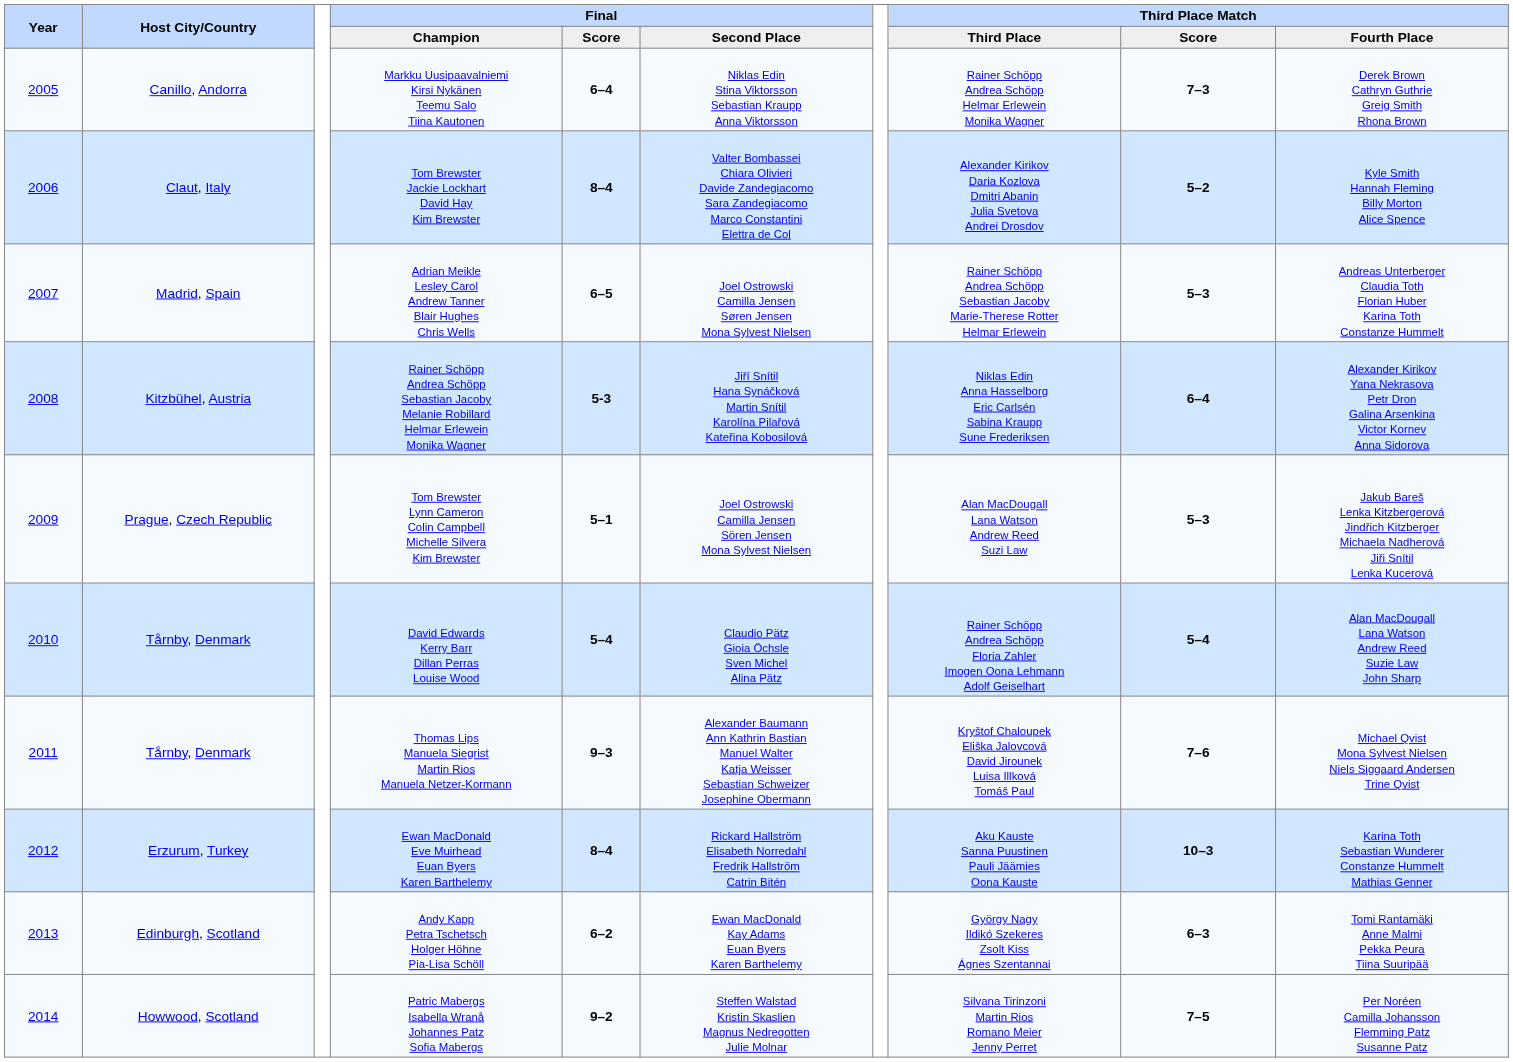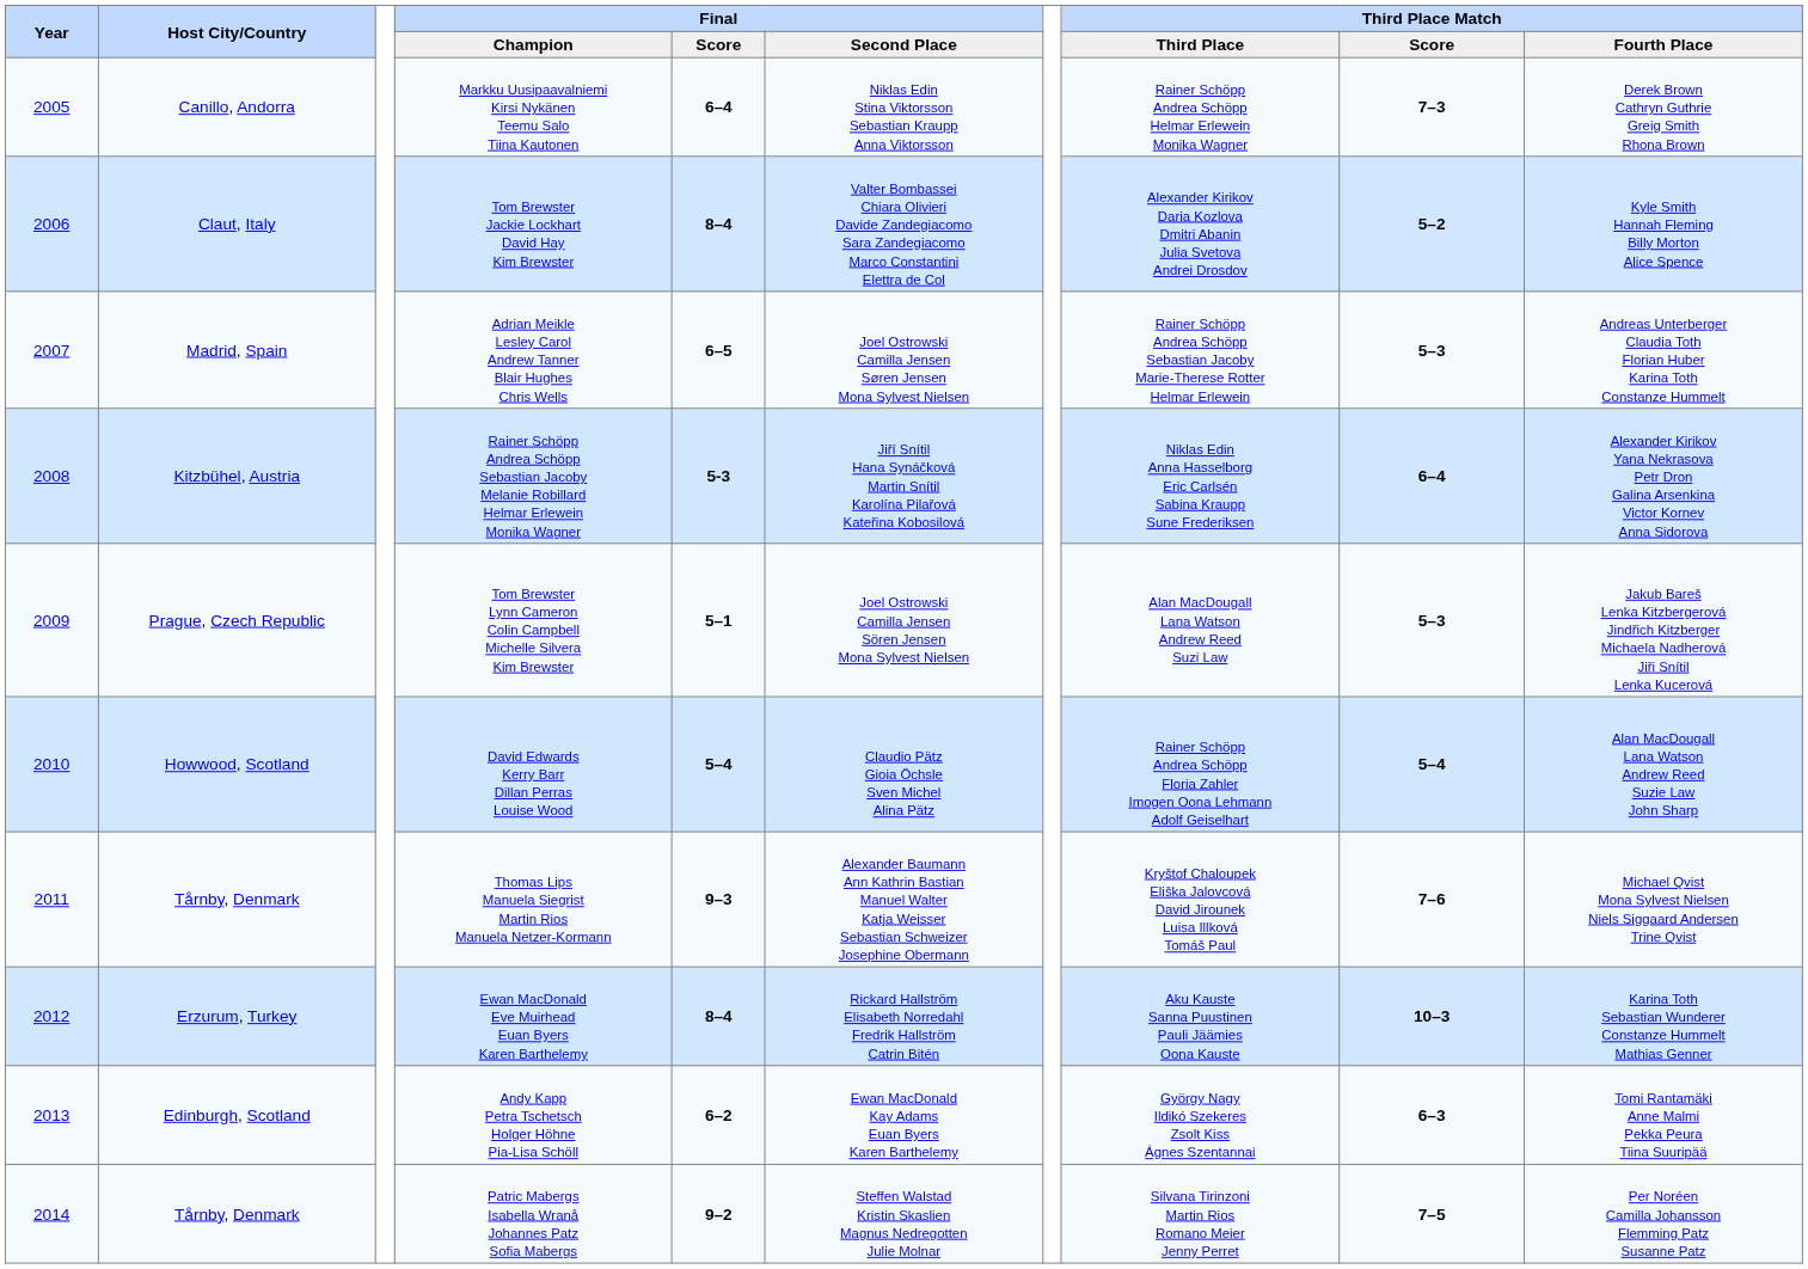 <table border=1 style="border-collapse:collapse; font-size:90%;" cellpadding=3 cellspacing=0 width=100%>
 <tr bgcolor=#C1D8FF>
 <th rowspan=2 width=5%>Year</th>
 <th rowspan=2 width=15%>Host City/Country</th>
 <th width=1% rowspan=12 bgcolor=ffffff></th>
 <th colspan=3>Final</th>
 <th width=1% rowspan=12 bgcolor=ffffff></th>
 <th colspan=3>Third Place Match</th>
 </tr>
 <tr bgcolor=#EFEFEF>
 <th width=15%>Champion</th>
 <th width=5%>Score</th>
 <th width=15%>Second Place</th>
 <th width=15%>Third Place</th>
 <th width=10%>Score</th>
 <th width=15%>Fourth Place</th>
 </tr>
 <tr align=center bgcolor=#F5FAFF>
 <td><a href='#'>2005</a></td>
 <td><a href='#'>Canillo</a>, <a href='#'>Andorra</a></td>
 <td><br><small><a href='#'>Markku Uusipaavalniemi</a><br><a href='#'>Kirsi Nykänen</a><br><a href='#'>Teemu Salo</a><br><a href='#'>Tiina Kautonen</a></small></td>
 <td><strong>6–4</strong></td>
 <td><br><small><a href='#'>Niklas Edin</a><br><a href='#'>Stina Viktorsson</a><br><a href='#'>Sebastian Kraupp</a><br><a href='#'>Anna Viktorsson</a></small></td>
 <td><br><small><a href='#'>Rainer Schöpp</a><br><a href='#'>Andrea Schöpp</a><br><a href='#'>Helmar Erlewein</a><br><a href='#'>Monika Wagner</a></small></td>
 <td><strong>7–3</strong></td>
 <td><br><small><a href='#'>Derek Brown</a><br><a href='#'>Cathryn Guthrie</a><br><a href='#'>Greig Smith</a><br><a href='#'>Rhona Brown</a></small></td>
 </tr>
 <tr align=center bgcolor=#D0E7FF>
 <td><a href='#'>2006</a></td>
 <td><a href='#'>Claut</a>, <a href='#'>Italy</a></td>
 <td><br><small><a href='#'>Tom Brewster</a><br><a href='#'>Jackie Lockhart</a><br><a href='#'>David Hay</a><br><a href='#'>Kim Brewster</a></small></td>
 <td><strong>8–4</strong></td>
 <td><br><small><a href='#'>Valter Bombassei</a><br><a href='#'>Chiara Olivieri</a><br><a href='#'>Davide Zandegiacomo</a><br><a href='#'>Sara Zandegiacomo</a><br><a href='#'>Marco Constantini</a><br><a href='#'>Elettra de Col</a></small></td>
 <td><br><small><a href='#'>Alexander Kirikov</a><br><a href='#'>Daria Kozlova</a><br><a href='#'>Dmitri Abanin</a><br><a href='#'>Julia Svetova</a><br><a href='#'>Andrei Drosdov</a></small></td>
 <td><strong>5–2</strong></td>
 <td><br><small><a href='#'>Kyle Smith</a><br><a href='#'>Hannah Fleming</a><br><a href='#'>Billy Morton</a><br><a href='#'>Alice Spence</a></small></td>
 </tr>
 <tr align=center bgcolor=#F5FAFF>
 <td><a href='#'>2007</a></td>
 <td><a href='#'>Madrid</a>, <a href='#'>Spain</a></td>
 <td><br><small><a href='#'>Adrian Meikle</a><br><a href='#'>Lesley Carol</a><br><a href='#'>Andrew Tanner</a><br><a href='#'>Blair Hughes</a><br><a href='#'>Chris Wells</a></small></td>
 <td><strong>6–5</strong></td>
 <td><br><br><small><a href='#'>Joel Ostrowski</a><br><a href='#'>Camilla Jensen</a><br><a href='#'>Søren Jensen</a><br><a href='#'>Mona Sylvest Nielsen</a></small></td>
 <td><br><small><a href='#'>Rainer Schöpp</a><br><a href='#'>Andrea Schöpp</a><br><a href='#'>Sebastian Jacoby</a><br><a href='#'>Marie-Therese Rotter</a><br><a href='#'>Helmar Erlewein</a></small></td>
 <td><strong>5–3</strong></td>
 <td><br><small><a href='#'>Andreas Unterberger</a><br><a href='#'>Claudia Toth</a><br><a href='#'>Florian Huber</a><br><a href='#'>Karina Toth</a><br><a href='#'>Constanze Hummelt</a></small></td>
 </tr>
 <tr align=center bgcolor=#D0E7FF>
 <td><a href='#'>2008</a></td>
 <td><a href='#'>Kitzbühel</a>, <a href='#'>Austria</a></td>
 <td><br><small><a href='#'>Rainer Schöpp</a><br><a href='#'>Andrea Schöpp</a><br><a href='#'>Sebastian Jacoby</a><br><a href='#'>Melanie Robillard</a><br><a href='#'>Helmar Erlewein</a><br><a href='#'>Monika Wagner</a></small><br></td>
 <td><strong>5-3</strong></td>
 <td><br><small><a href='#'>Jiří Snítil</a><br><a href='#'>Hana Synáčková</a><br><a href='#'>Martin Snítil</a><br><a href='#'>Karolína Pilařová</a><br><a href='#'>Kateřina Kobosilová</a></small></td>
 <td><br><small><a href='#'>Niklas Edin</a><br><a href='#'>Anna Hasselborg</a><br><a href='#'>Eric Carlsén</a><br><a href='#'>Sabina Kraupp</a><br><a href='#'>Sune Frederiksen</a></small></td>
 <td><strong>6–4</strong></td>
 <td><br><small><a href='#'>Alexander Kirikov</a><br><a href='#'>Yana Nekrasova</a><br><a href='#'>Petr Dron</a><br><a href='#'>Galina Arsenkina</a><br><a href='#'>Victor Kornev</a><br><a href='#'>Anna Sidorova</a></small></td>
 </tr>
 <tr align=center bgcolor=#F5FAFF>
 <td><a href='#'>2009</a></td>
 <td><a href='#'>Prague</a>, <a href='#'>Czech Republic</a></td>
 <td><br><small><a href='#'>Tom Brewster</a><br><a href='#'>Lynn Cameron</a><br><a href='#'>Colin Campbell</a><br><a href='#'>Michelle Silvera</a><br><a href='#'>Kim Brewster</a></small></td>
 <td><strong>5–1</strong></td>
 <td><br><small><a href='#'>Joel Ostrowski</a><br><a href='#'>Camilla Jensen</a><br><a href='#'>Sören Jensen</a><br><a href='#'>Mona Sylvest Nielsen</a></small></td>
 <td><br><small><a href='#'>Alan MacDougall</a><br><a href='#'>Lana Watson</a><br><a href='#'>Andrew Reed</a><br><a href='#'>Suzi Law</a></small></td>
 <td><strong>5–3</strong></td>
 <td><br><br><small><a href='#'>Jakub Bareš</a><br><a href='#'>Lenka Kitzbergerová</a><br><a href='#'>Jindřich Kitzberger</a><br><a href='#'>Michaela Nadherová</a><br><a href='#'>Jiři Snítil</a><br><a href='#'>Lenka Kucerová</a></small></td>
 </tr>
 <tr align=center bgcolor=#D0E7FF>
 <td><a href='#'>2010</a></td>
-<td><a href='#'>Tårnby</a>, <a href='#'>Denmark</a></td>
+<td><a href='#'>Howwood</a>, <a href='#'>Scotland</a></td>
 <td><br><br><small><a href='#'>David Edwards</a><br><a href='#'>Kerry Barr</a><br><a href='#'>Dillan Perras</a><br><a href='#'>Louise Wood</a></small></td>
 <td><strong>5–4</strong></td>
 <td><br><br><small><a href='#'>Claudio Pätz</a><br><a href='#'>Gioia Öchsle</a><br><a href='#'>Sven Michel</a><br><a href='#'>Alina Pätz</a></small></td>
 <td><br><br><small><a href='#'>Rainer Schöpp</a><br><a href='#'>Andrea Schöpp</a><br><a href='#'>Floria Zahler</a><br><a href='#'>Imogen Oona Lehmann</a><br><a href='#'>Adolf Geiselhart</a></small></td>
 <td><strong>5–4</strong></td>
 <td><br><small><a href='#'>Alan MacDougall</a><br><a href='#'>Lana Watson</a><br><a href='#'>Andrew Reed</a><br><a href='#'>Suzie Law</a><br><a href='#'>John Sharp</a></small></td>
 </tr>
 <tr align=center bgcolor=#F5FAFF>
 <td><a href='#'>2011</a></td>
 <td><a href='#'>Tårnby</a>, <a href='#'>Denmark</a></td>
 <td><strong></strong><br><small><a href='#'>Thomas Lips</a><br><a href='#'>Manuela Siegrist</a><br><a href='#'>Martin Rios</a><br><a href='#'>Manuela Netzer-Kormann</a></small></td>
 <td><strong>9–3</strong></td>
 <td><br><small><a href='#'>Alexander Baumann</a><br><a href='#'>Ann Kathrin Bastian</a><br><a href='#'>Manuel Walter</a><br><a href='#'>Katja Weisser</a><br><a href='#'>Sebastian Schweizer</a><br><a href='#'>Josephine Obermann</a></small></td>
 <td><br><small><a href='#'>Kryštof Chaloupek</a><br><a href='#'>Eliška Jalovcová</a><br><a href='#'>David Jirounek</a><br><a href='#'>Luisa Illková</a><br><a href='#'>Tomáš Paul</a></small></td>
 <td><strong>7–6</strong></td>
 <td><br><small><a href='#'>Michael Qvist</a><br><a href='#'>Mona Sylvest Nielsen</a><br><a href='#'>Niels Siggaard Andersen</a><br><a href='#'>Trine Qvist</a></small></td>
 </tr>
 <tr align=center bgcolor=#D0E7FF>
 <td><a href='#'>2012</a></td>
 <td><a href='#'>Erzurum</a>, <a href='#'>Turkey</a></td>
 <td><strong></strong><br><small><a href='#'>Ewan MacDonald</a><br><a href='#'>Eve Muirhead</a><br><a href='#'>Euan Byers</a><br><a href='#'>Karen Barthelemy</a></small></td>
 <td><strong>8–4</strong></td>
 <td><br><small><a href='#'>Rickard Hallström</a><br><a href='#'>Elisabeth Norredahl</a><br><a href='#'>Fredrik Hallström</a><br><a href='#'>Catrin Bitén</a></small></td>
 <td><br><small><a href='#'>Aku Kauste</a><br><a href='#'>Sanna Puustinen</a><br><a href='#'>Pauli Jäämies</a><br><a href='#'>Oona Kauste</a></small></td>
 <td><strong>10–3</strong></td>
 <td><br><small><a href='#'>Karina Toth</a><br><a href='#'>Sebastian Wunderer</a><br><a href='#'>Constanze Hummelt</a><br><a href='#'>Mathias Genner</a></small></td>
 </tr>
 <tr align=center bgcolor=#F5FAFF>
 <td><a href='#'>2013</a></td>
 <td><a href='#'>Edinburgh</a>, <a href='#'>Scotland</a></td>
 <td><strong></strong><br><small><a href='#'>Andy Kapp</a><br><a href='#'>Petra Tschetsch</a><br><a href='#'>Holger Höhne</a><br><a href='#'>Pia-Lisa Schöll</a></small></td>
 <td><strong>6–2</strong></td>
 <td><br><small><a href='#'>Ewan MacDonald</a><br><a href='#'>Kay Adams</a><br><a href='#'>Euan Byers</a><br><a href='#'>Karen Barthelemy</a></small></td>
 <td><br><small><a href='#'>György Nagy</a><br><a href='#'>Ildikó Szekeres</a><br><a href='#'>Zsolt Kiss</a><br><a href='#'>Ágnes Szentannai</a></small></td>
 <td><strong>6–3</strong></td>
 <td><br><small><a href='#'>Tomi Rantamäki</a><br><a href='#'>Anne Malmi</a><br><a href='#'>Pekka Peura</a><br><a href='#'>Tiina Suuripää</a></small></td>
 </tr>
 <tr align=center bgcolor=#F5FAFF>
 <td><a href='#'>2014</a></td>
-<td><a href='#'>Howwood</a>, <a href='#'>Scotland</a></td>
+<td><a href='#'>Tårnby</a>, <a href='#'>Denmark</a></td>
 <td><strong></strong><br><small><a href='#'>Patric Mabergs</a><br><a href='#'>Isabella Wranå</a><br><a href='#'>Johannes Patz</a><br><a href='#'>Sofia Mabergs</a></small></td>
 <td><strong>9–2</strong></td>
 <td><br><small><a href='#'>Steffen Walstad</a><br><a href='#'>Kristin Skaslien</a><br><a href='#'>Magnus Nedregotten</a><br><a href='#'>Julie Molnar</a></small></td>
 <td><br><small><a href='#'>Silvana Tirinzoni</a><br><a href='#'>Martin Rios</a><br><a href='#'>Romano Meier</a><br><a href='#'>Jenny Perret</a></small></td>
 <td><strong>7–5</strong></td>
 <td><br><small><a href='#'>Per Noréen</a><br><a href='#'>Camilla Johansson</a><br><a href='#'>Flemming Patz</a><br><a href='#'>Susanne Patz</a></small></td>
 </tr>
 </table>
